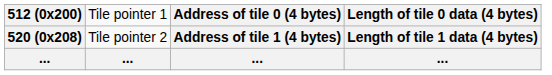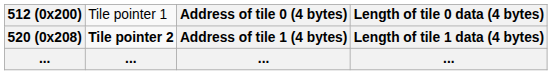 <table class="wikitable">
 <tr>
 <th>512 (0x200)</th>
 <td>Tile pointer 1</td>
 <th>Address of tile 0 (4 bytes)</th>
 <th>Length of tile 0 data (4 bytes)</th>
 </tr>
 <tr>
 <th>520 (0x208)</th>
-<td>Tile pointer 2</td>
+<td><strong>Tile pointer 2</strong></td>
 <th>Address of tile 1 (4 bytes)</th>
 <th>Length of tile 1 data (4 bytes)</th>
 </tr>
 <tr>
 <th>...</th>
 <th>...</th>
 <th>...</th>
 <th>...</th>
 </tr>
 </table>
